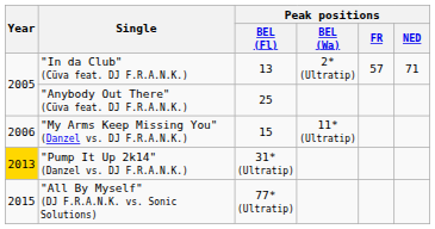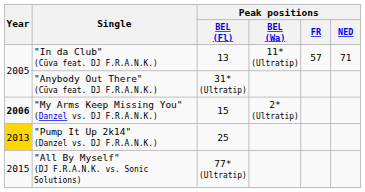 <table class="wikitable">
 <tr>
 <th align="center" rowspan="2" width="10">Year</th>
 <th align="center" rowspan="2" width="220">Single</th>
 <th align="center" colspan="4" width="20">Peak positions</th>
 </tr>
 <tr>
 <th scope="col" style="width:3em;font-size:90%;"><a href='#'>BEL<br>(Fl)</a><br></th>
 <th scope="col" style="width:3em;font-size:90%;"><a href='#'>BEL<br>(Wa)</a><br></th>
 <th scope="col" style="width:3em;font-size:90%;"><a href='#'>FR</a><br></th>
 <th scope="col" style="width:3em;font-size:90%;"><a href='#'>NED</a><br></th>
 </tr>
 <tr>
 <td style="text-align:center;" rowspan=2>2005</td>
 <td>"In da Club"<br><small>(Cüva feat. DJ F.R.A.N.K.)</small></td>
 <td style="text-align:center;">13</td>
-<td style="text-align:center;">2*<br><small>(Ultratip)</small></td>
+<td style="text-align:center;">11*<br><small>(Ultratip)</small></td>
 <td style="text-align:center;">57</td>
 <td style="text-align:center;">71</td>
 </tr>
 <tr>
 <td>"Anybody Out There"<br><small>(Cüva feat. DJ F.R.A.N.K.)</small></td>
-<td style="text-align:center;">25</td>
+<td style="text-align:center;">31*<br><small>(Ultratip)</small></td>
 <td style="text-align:center;"></td>
 <td style="text-align:center;"></td>
 <td style="text-align:center;"></td>
 </tr>
 <tr>
-<td style="text-align:center;">2006</td>
+<td style="text-align:center;"><strong>2006</strong></td>
 <td>"My Arms Keep Missing You" <br><small>(<a href='#'>Danzel</a> vs. DJ F.R.A.N.K.)</small></td>
 <td style="text-align:center;">15</td>
-<td style="text-align:center;">11*<br><small>(Ultratip)</small></td>
+<td style="text-align:center;">2*<br><small>(Ultratip)</small></td>
 <td style="text-align:center;"></td>
 <td style="text-align:center;"></td>
 </tr>
 <tr>
 <td style="background: gold; text-align:center;">2013</td>
 <td>"Pump It Up 2k14" <br><small>(Danzel vs. DJ F.R.A.N.K.)</small></td>
-<td style="text-align:center;">31*<br><small>(Ultratip)</small></td>
+<td style="text-align:center;">25</td>
 <td style="text-align:center;"></td>
 <td style="text-align:center;"></td>
 <td style="text-align:center;"></td>
 </tr>
 <tr>
 <td style="text-align:center;">2015</td>
 <td>"All By Myself" <br><small>(DJ F.R.A.N.K. vs. Sonic Solutions)</small></td>
 <td style="text-align:center;">77*<br><small>(Ultratip)</small></td>
 <td style="text-align:center;"></td>
 <td style="text-align:center;"></td>
 <td style="text-align:center;"></td>
 </tr>
 </table>
